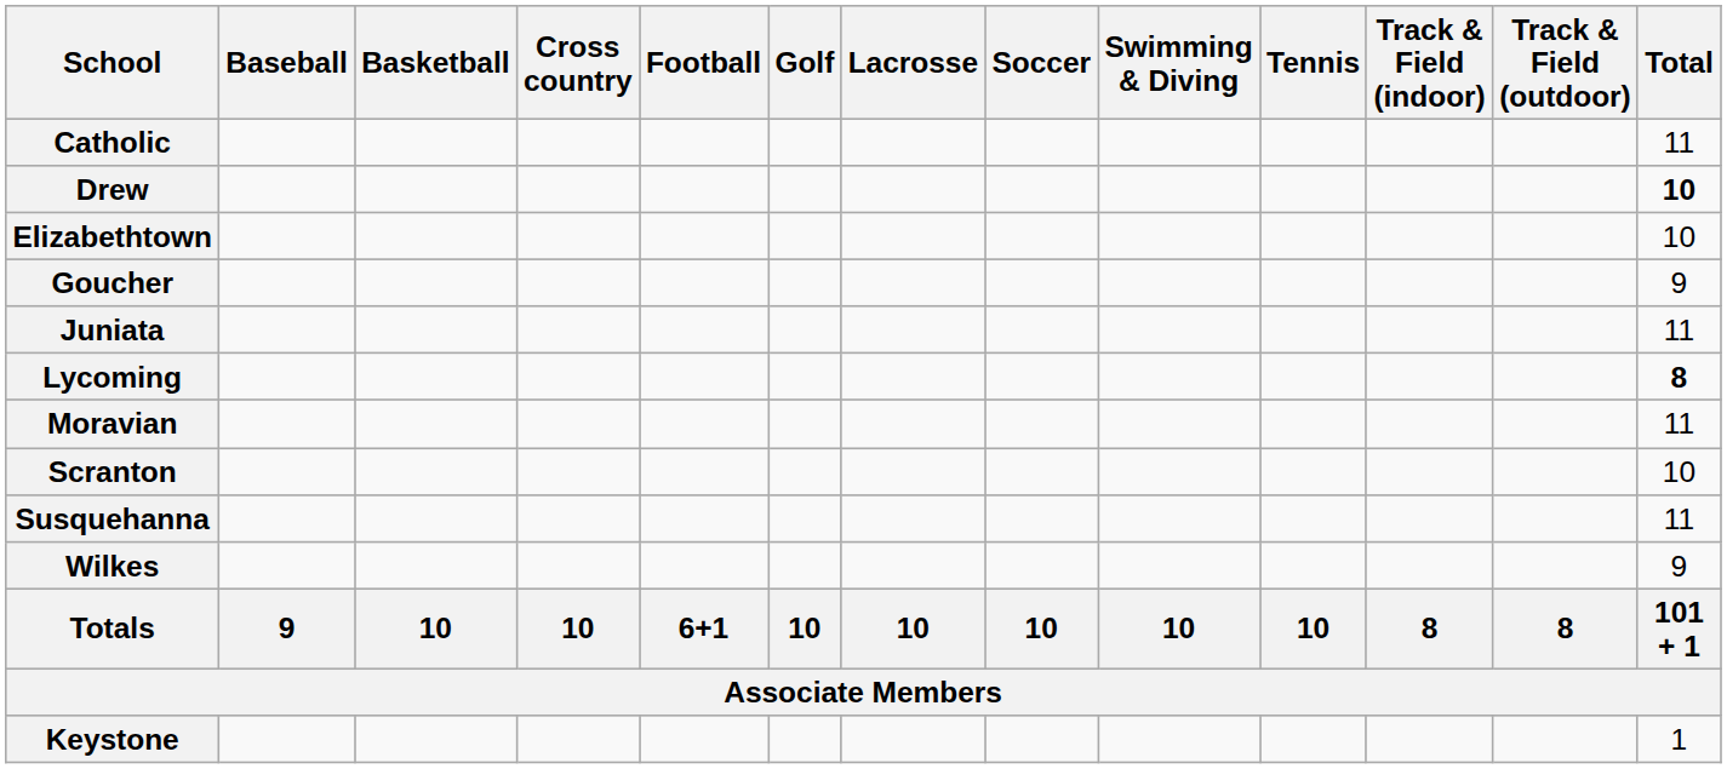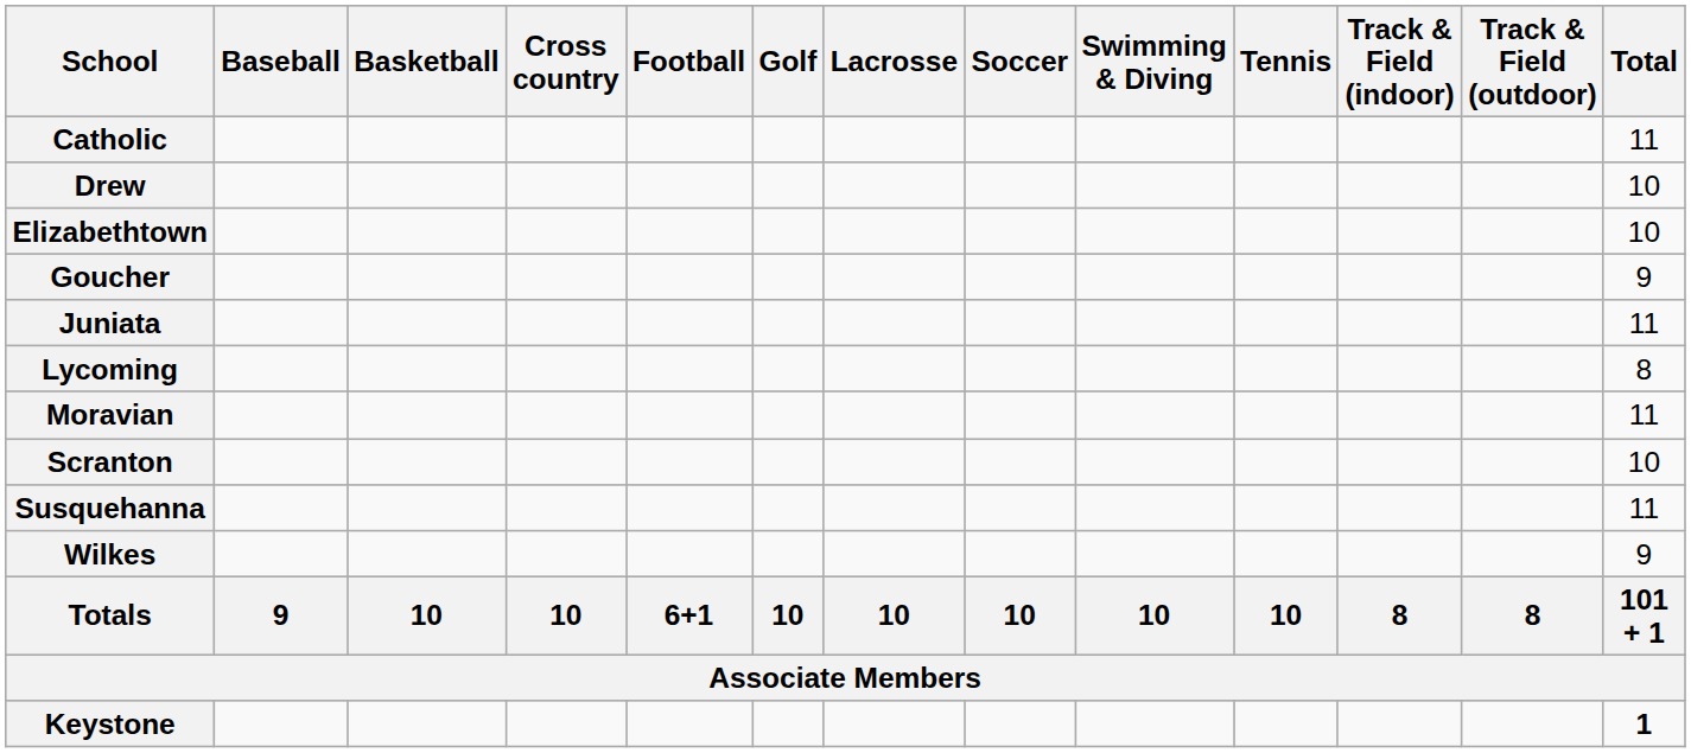 <table class="wikitable" style="text-align:center; font-size:95%">
 <tr>
 <th>School</th>
 <th>Baseball</th>
 <th>Basketball</th>
 <th>Cross country</th>
 <th>Football</th>
 <th>Golf</th>
 <th>Lacrosse</th>
 <th>Soccer</th>
 <th>Swimming<br>& Diving</th>
 <th>Tennis</th>
 <th>Track & Field<br>(indoor)</th>
 <th>Track & Field<br>(outdoor)</th>
 <th>Total</th>
 </tr>
 <tr>
 <th>Catholic</th>
 <td></td>
 <td></td>
 <td></td>
 <td></td>
 <td></td>
 <td></td>
 <td></td>
 <td></td>
 <td></td>
 <td></td>
 <td></td>
 <td>11</td>
 </tr>
 <tr>
 <th>Drew</th>
 <td></td>
 <td></td>
 <td></td>
 <td></td>
 <td></td>
 <td></td>
 <td></td>
 <td></td>
 <td></td>
 <td></td>
 <td></td>
-<td><strong>10</strong></td>
+<td>10</td>
 </tr>
 <tr>
 <th>Elizabethtown</th>
 <td></td>
 <td></td>
 <td></td>
 <td></td>
 <td></td>
 <td></td>
 <td></td>
 <td></td>
 <td></td>
 <td></td>
 <td></td>
 <td>10</td>
 </tr>
 <tr>
 <th>Goucher</th>
 <td></td>
 <td></td>
 <td></td>
 <td></td>
 <td></td>
 <td></td>
 <td></td>
 <td></td>
 <td></td>
 <td></td>
 <td></td>
 <td>9</td>
 </tr>
 <tr>
 <th>Juniata</th>
 <td></td>
 <td></td>
 <td></td>
 <td></td>
 <td></td>
 <td></td>
 <td></td>
 <td></td>
 <td></td>
 <td></td>
 <td></td>
 <td>11</td>
 </tr>
 <tr>
 <th>Lycoming</th>
 <td></td>
 <td></td>
 <td></td>
 <td></td>
 <td></td>
 <td></td>
 <td></td>
 <td></td>
 <td></td>
 <td></td>
 <td></td>
-<td><strong>8</strong></td>
+<td>8</td>
 </tr>
 <tr>
 <th>Moravian</th>
 <td></td>
 <td></td>
 <td></td>
 <td></td>
 <td></td>
 <td></td>
 <td></td>
 <td></td>
 <td></td>
 <td></td>
 <td></td>
 <td>11</td>
 </tr>
 <tr>
 <th>Scranton</th>
 <td></td>
 <td></td>
 <td></td>
 <td></td>
 <td></td>
 <td></td>
 <td></td>
 <td></td>
 <td></td>
 <td></td>
 <td></td>
 <td>10</td>
 </tr>
 <tr>
 <th>Susquehanna</th>
 <td></td>
 <td></td>
 <td></td>
 <td></td>
 <td></td>
 <td></td>
 <td></td>
 <td></td>
 <td></td>
 <td></td>
 <td></td>
 <td>11</td>
 </tr>
 <tr>
 <th>Wilkes</th>
 <td></td>
 <td></td>
 <td></td>
 <td></td>
 <td></td>
 <td></td>
 <td></td>
 <td></td>
 <td></td>
 <td></td>
 <td></td>
 <td>9</td>
 </tr>
 <tr>
 <th>Totals</th>
 <th>9</th>
 <th>10</th>
 <th>10</th>
 <th>6+1</th>
 <th>10</th>
 <th>10</th>
 <th>10</th>
 <th>10</th>
 <th>10</th>
 <th>8</th>
 <th>8</th>
 <th>101 + 1</th>
 </tr>
 <tr>
 <th Colspan="13">Associate Members</th>
 </tr>
 <tr>
 <th>Keystone</th>
 <td></td>
 <td></td>
 <td></td>
 <td></td>
 <td></td>
 <td></td>
 <td></td>
 <td></td>
 <td></td>
 <td></td>
 <td></td>
-<td>1</td>
+<td><strong>1</strong></td>
 </tr>
 </table>
